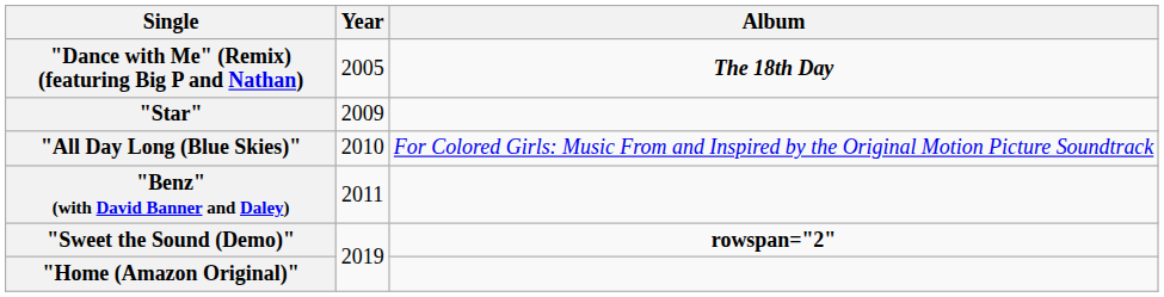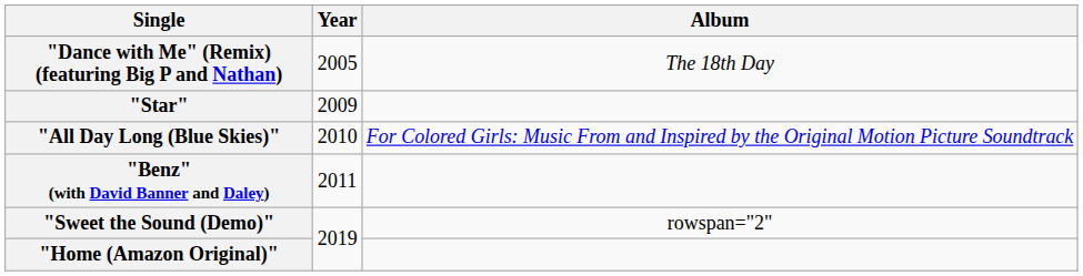 <table class="wikitable plainrowheaders" style="text-align:center;">
 <tr>
 <th scope="colw" style="width:15em;">Single</th>
 <th scope="col">Year</th>
 <th scope="col">Album</th>
 </tr>
 <tr>
 <th scope="row">"Dance with Me" (Remix)<br><span>(featuring Big P and <a href='#'>Nathan</a>)</span></th>
 <td>2005</td>
-<td><strong><em>The 18th Day</em></strong></td>
+<td><em>The 18th Day</em></td>
 </tr>
 <tr>
 <th scope="row">"Star"</th>
 <td>2009</td>
 <td></td>
 </tr>
 <tr>
 <th scope="row">"All Day Long (Blue Skies)"</th>
 <td>2010</td>
 <td><em><a href='#'>For Colored Girls: Music From and Inspired by the Original Motion Picture Soundtrack</a></em></td>
 </tr>
 <tr>
 <th scope="row">"Benz"<br><small>(with <a href='#'>David Banner</a> and <a href='#'>Daley</a>)</small></th>
 <td>2011</td>
 <td></td>
 </tr>
 <tr>
 <th scope="row">"Sweet the Sound (Demo)"</th>
 <td rowspan="2">2019</td>
-<td><strong>rowspan="2" </strong></td>
+<td>rowspan="2" </td>
 </tr>
 <tr>
 <th scope="row">"Home (Amazon Original)"</th>
 </tr>
 </table>
